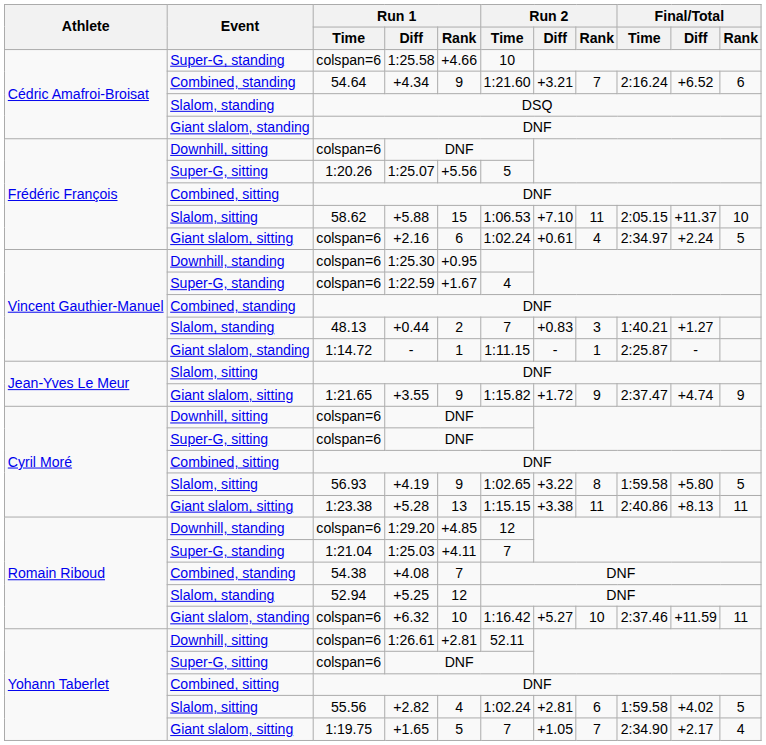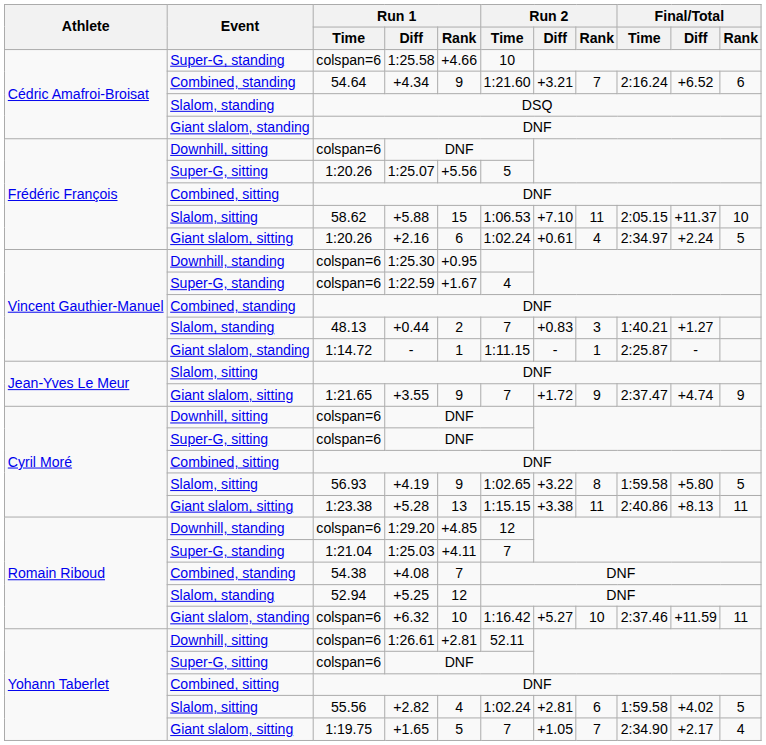 <table class="wikitable" style="font-size:90%">
 <tr>
 <th rowspan="2">Athlete</th>
 <th rowspan="2">Event</th>
 <th colspan="3">Run 1</th>
 <th colspan="3">Run 2</th>
 <th colspan="3">Final/Total</th>
 </tr>
 <tr>
 <th>Time</th>
 <th>Diff</th>
 <th>Rank</th>
 <th>Time</th>
 <th>Diff</th>
 <th>Rank</th>
 <th>Time</th>
 <th>Diff</th>
 <th>Rank</th>
 </tr>
 <tr>
 <td rowspan=4><a href='#'>Cédric Amafroi-Broisat</a></td>
 <td><a href='#'>Super-G, standing</a></td>
 <td>colspan=6 </td>
 <td align="center">1:25.58</td>
 <td align="center">+4.66</td>
 <td align="center">10</td>
 </tr>
 <tr>
 <td><a href='#'>Combined, standing</a></td>
 <td align="center">54.64</td>
 <td align="center">+4.34</td>
 <td align="center">9</td>
 <td align="center">1:21.60</td>
 <td align="center">+3.21</td>
 <td align="center">7</td>
 <td align="center">2:16.24</td>
 <td align="center">+6.52</td>
 <td align="center">6</td>
 </tr>
 <tr>
 <td><a href='#'>Slalom, standing</a></td>
 <td align="center" colspan=9>DSQ</td>
 </tr>
 <tr>
 <td><a href='#'>Giant slalom, standing</a></td>
 <td align="center" colspan=9>DNF</td>
 </tr>
 <tr>
 <td rowspan=5><a href='#'>Frédéric François</a></td>
 <td><a href='#'>Downhill, sitting</a></td>
 <td>colspan=6 </td>
 <td align="center" colspan=3>DNF</td>
 </tr>
 <tr>
 <td><a href='#'>Super-G, sitting</a></td>
 <td align="center">1:20.26</td>
 <td align="center">1:25.07</td>
 <td align="center">+5.56</td>
 <td align="center">5</td>
 </tr>
 <tr>
 <td><a href='#'>Combined, sitting</a></td>
 <td align="center" colspan=9>DNF</td>
 </tr>
 <tr>
 <td><a href='#'>Slalom, sitting</a></td>
 <td align="center">58.62</td>
 <td align="center">+5.88</td>
 <td align="center">15</td>
 <td align="center">1:06.53</td>
 <td align="center">+7.10</td>
 <td align="center">11</td>
 <td align="center">2:05.15</td>
 <td align="center">+11.37</td>
 <td align="center">10</td>
 </tr>
 <tr>
 <td><a href='#'>Giant slalom, sitting</a></td>
-<td>colspan=6 </td>
+<td align="center">1:20.26</td>
 <td align="center">+2.16</td>
 <td align="center">6</td>
 <td align="center">1:02.24</td>
 <td align="center">+0.61</td>
 <td align="center">4</td>
 <td align="center">2:34.97</td>
 <td align="center">+2.24</td>
 <td align="center">5</td>
 </tr>
 <tr>
 <td rowspan=5><a href='#'>Vincent Gauthier-Manuel</a></td>
 <td><a href='#'>Downhill, standing</a></td>
 <td>colspan=6 </td>
 <td align="center">1:25.30</td>
 <td align="center">+0.95</td>
 <td align="center"></td>
 </tr>
 <tr>
 <td><a href='#'>Super-G, standing</a></td>
 <td>colspan=6 </td>
 <td align="center">1:22.59</td>
 <td align="center">+1.67</td>
 <td align="center">4</td>
 </tr>
 <tr>
 <td><a href='#'>Combined, standing</a></td>
 <td align="center" colspan=9>DNF</td>
 </tr>
 <tr>
 <td><a href='#'>Slalom, standing</a></td>
 <td align="center">48.13</td>
 <td align="center">+0.44</td>
 <td align="center">2</td>
 <td align="center">7</td>
 <td align="center">+0.83</td>
 <td align="center">3</td>
 <td align="center">1:40.21</td>
 <td align="center">+1.27</td>
 <td align="center"></td>
 </tr>
 <tr>
 <td><a href='#'>Giant slalom, standing</a></td>
 <td align="center">1:14.72</td>
 <td align="center">-</td>
 <td align="center">1</td>
 <td align="center">1:11.15</td>
 <td align="center">-</td>
 <td align="center">1</td>
 <td align="center">2:25.87</td>
 <td align="center">-</td>
 <td align="center"></td>
 </tr>
 <tr>
 <td rowspan=2><a href='#'>Jean-Yves Le Meur</a></td>
 <td><a href='#'>Slalom, sitting</a></td>
 <td align="center" colspan=9>DNF</td>
 </tr>
 <tr>
 <td><a href='#'>Giant slalom, sitting</a></td>
 <td align="center">1:21.65</td>
 <td align="center">+3.55</td>
 <td align="center">9</td>
-<td align="center">1:15.82</td>
+<td align="center">7</td>
 <td align="center">+1.72</td>
 <td align="center">9</td>
 <td align="center">2:37.47</td>
 <td align="center">+4.74</td>
 <td align="center">9</td>
 </tr>
 <tr>
 <td rowspan=5><a href='#'>Cyril Moré</a></td>
 <td><a href='#'>Downhill, sitting</a></td>
 <td>colspan=6 </td>
 <td align="center" colspan=3>DNF</td>
 </tr>
 <tr>
 <td><a href='#'>Super-G, sitting</a></td>
 <td>colspan=6 </td>
 <td align="center" colspan=3>DNF</td>
 </tr>
 <tr>
 <td><a href='#'>Combined, sitting</a></td>
 <td align="center" colspan=9>DNF</td>
 </tr>
 <tr>
 <td><a href='#'>Slalom, sitting</a></td>
 <td align="center">56.93</td>
 <td align="center">+4.19</td>
 <td align="center">9</td>
 <td align="center">1:02.65</td>
 <td align="center">+3.22</td>
 <td align="center">8</td>
 <td align="center">1:59.58</td>
 <td align="center">+5.80</td>
 <td align="center">5</td>
 </tr>
 <tr>
 <td><a href='#'>Giant slalom, sitting</a></td>
 <td align="center">1:23.38</td>
 <td align="center">+5.28</td>
 <td align="center">13</td>
 <td align="center">1:15.15</td>
 <td align="center">+3.38</td>
 <td align="center">11</td>
 <td align="center">2:40.86</td>
 <td align="center">+8.13</td>
 <td align="center">11</td>
 </tr>
 <tr>
 <td rowspan=5><a href='#'>Romain Riboud</a></td>
 <td><a href='#'>Downhill, standing</a></td>
 <td>colspan=6 </td>
 <td align="center">1:29.20</td>
 <td align="center">+4.85</td>
 <td align="center">12</td>
 </tr>
 <tr>
 <td><a href='#'>Super-G, standing</a></td>
 <td align="center">1:21.04</td>
 <td align="center">1:25.03</td>
 <td align="center">+4.11</td>
 <td align="center">7</td>
 </tr>
 <tr>
 <td><a href='#'>Combined, standing</a></td>
 <td align="center">54.38</td>
 <td align="center">+4.08</td>
 <td align="center">7</td>
 <td align="center" colspan=6>DNF</td>
 </tr>
 <tr>
 <td><a href='#'>Slalom, standing</a></td>
 <td align="center">52.94</td>
 <td align="center">+5.25</td>
 <td align="center">12</td>
 <td align="center" colspan=6>DNF</td>
 </tr>
 <tr>
 <td><a href='#'>Giant slalom, standing</a></td>
 <td>colspan=6 </td>
 <td align="center">+6.32</td>
 <td align="center">10</td>
 <td align="center">1:16.42</td>
 <td align="center">+5.27</td>
 <td align="center">10</td>
 <td align="center">2:37.46</td>
 <td align="center">+11.59</td>
 <td align="center">11</td>
 </tr>
 <tr>
 <td rowspan=5><a href='#'>Yohann Taberlet</a></td>
 <td><a href='#'>Downhill, sitting</a></td>
 <td>colspan=6 </td>
 <td align="center">1:26.61</td>
 <td align="center">+2.81</td>
 <td align="center">52.11</td>
 </tr>
 <tr>
 <td><a href='#'>Super-G, sitting</a></td>
 <td>colspan=6 </td>
 <td align="center" colspan=3>DNF</td>
 </tr>
 <tr>
 <td><a href='#'>Combined, sitting</a></td>
 <td align="center" colspan=9>DNF</td>
 </tr>
 <tr>
 <td><a href='#'>Slalom, sitting</a></td>
 <td align="center">55.56</td>
 <td align="center">+2.82</td>
 <td align="center">4</td>
 <td align="center">1:02.24</td>
 <td align="center">+2.81</td>
 <td align="center">6</td>
 <td align="center">1:59.58</td>
 <td align="center">+4.02</td>
 <td align="center">5</td>
 </tr>
 <tr>
 <td><a href='#'>Giant slalom, sitting</a></td>
 <td align="center">1:19.75</td>
 <td align="center">+1.65</td>
 <td align="center">5</td>
 <td align="center">7</td>
 <td align="center">+1.05</td>
 <td align="center">7</td>
 <td align="center">2:34.90</td>
 <td align="center">+2.17</td>
 <td align="center">4</td>
 </tr>
 </table>
